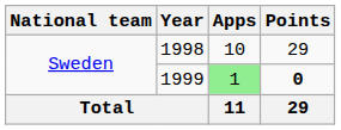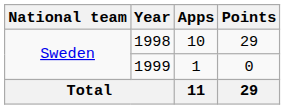 <table class="wikitable" style="text-align:center">
 <tr>
 <th>National team</th>
 <th>Year</th>
 <th>Apps</th>
 <th>Points</th>
 </tr>
 <tr>
 <td rowspan="2"><a href='#'>Sweden</a></td>
 <td>1998</td>
 <td>10</td>
 <td>29</td>
 </tr>
 <tr>
 <td>1999</td>
-<td style="background: lightgreen;">1</td>
-<td><strong>0</strong></td>
+<td>1</td>
+<td>0</td>
 </tr>
 <tr>
 <th colspan="2">Total</th>
 <th>11</th>
 <th>29</th>
 </tr>
 </table>
